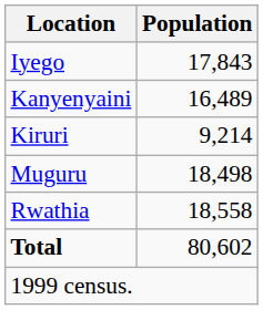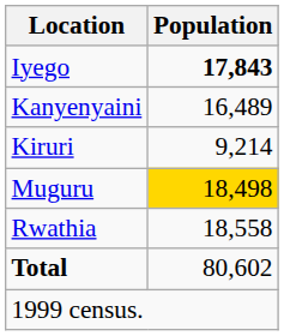 <table class="wikitable">
 <tr>
 <th>Location</th>
 <th>Population</th>
 </tr>
 <tr>
 <td><a href='#'>Iyego</a></td>
-<td align=right>17,843</td>
+<td align=right><strong>17,843</strong></td>
 </tr>
 <tr>
 <td><a href='#'>Kanyenyaini</a></td>
 <td align=right>16,489</td>
 </tr>
 <tr>
 <td><a href='#'>Kiruri</a></td>
 <td align=right>9,214</td>
 </tr>
 <tr>
 <td><a href='#'>Muguru</a></td>
-<td align=right>18,498</td>
+<td align=right style="background: gold;">18,498</td>
 </tr>
 <tr>
 <td><a href='#'>Rwathia</a></td>
 <td align=right>18,558</td>
 </tr>
 <tr>
 <td><strong>Total</strong></td>
 <td align=right>80,602</td>
 </tr>
 <tr>
 <td colspan="2">1999 census.</td>
 </tr>
 </table>
